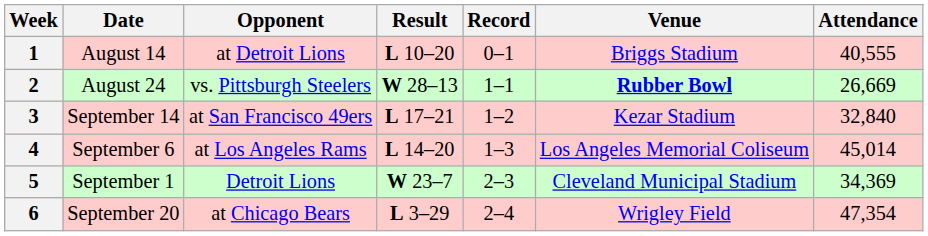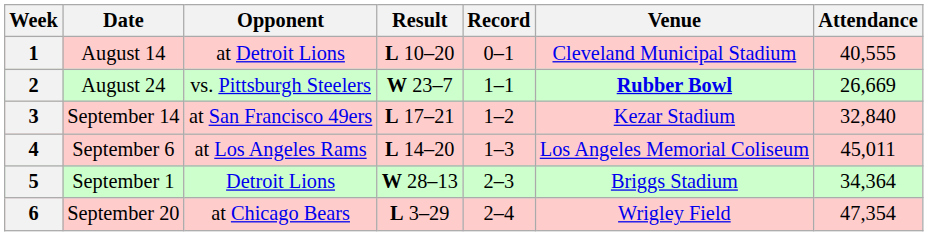 <table class="wikitable" style="text-align:center">
 <tr>
 <th>Week</th>
 <th>Date</th>
 <th>Opponent</th>
 <th>Result</th>
 <th>Record</th>
 <th>Venue</th>
 <th>Attendance</th>
 </tr>
 <tr style="background:#fcc">
 <th>1</th>
 <td>August 14</td>
 <td>at <a href='#'>Detroit Lions</a></td>
 <td><strong>L</strong> 10–20</td>
 <td>0–1</td>
-<td><a href='#'>Briggs Stadium</a></td>
+<td><a href='#'>Cleveland Municipal Stadium</a></td>
 <td>40,555</td>
 </tr>
 <tr style="background:#cfc">
 <th>2</th>
 <td>August 24</td>
 <td>vs. <a href='#'>Pittsburgh Steelers</a></td>
-<td><strong>W</strong> 28–13</td>
+<td><strong>W</strong> 23–7</td>
 <td>1–1</td>
 <td><strong><a href='#'>Rubber Bowl</a></strong></td>
 <td>26,669</td>
 </tr>
 <tr style="background:#fcc">
 <th>3</th>
 <td>September 14</td>
 <td>at <a href='#'>San Francisco 49ers</a></td>
 <td><strong>L</strong> 17–21</td>
 <td>1–2</td>
 <td><a href='#'>Kezar Stadium</a></td>
 <td>32,840</td>
 </tr>
 <tr style="background:#fcc">
 <th>4</th>
 <td>September 6</td>
 <td>at <a href='#'>Los Angeles Rams</a></td>
 <td><strong>L</strong> 14–20</td>
 <td>1–3</td>
 <td><a href='#'>Los Angeles Memorial Coliseum</a></td>
-<td>45,014</td>
+<td>45,011</td>
 </tr>
 <tr style="background:#cfc">
 <th>5</th>
 <td>September 1</td>
 <td><a href='#'>Detroit Lions</a></td>
-<td><strong>W</strong> 23–7</td>
+<td><strong>W</strong> 28–13</td>
 <td>2–3</td>
-<td><a href='#'>Cleveland Municipal Stadium</a></td>
-<td>34,369</td>
+<td><a href='#'>Briggs Stadium</a></td>
+<td>34,364</td>
 </tr>
 <tr style="background:#fcc">
 <th>6</th>
 <td>September 20</td>
 <td>at <a href='#'>Chicago Bears</a></td>
 <td><strong>L</strong> 3–29</td>
 <td>2–4</td>
 <td><a href='#'>Wrigley Field</a></td>
 <td>47,354</td>
 </tr>
 </table>
